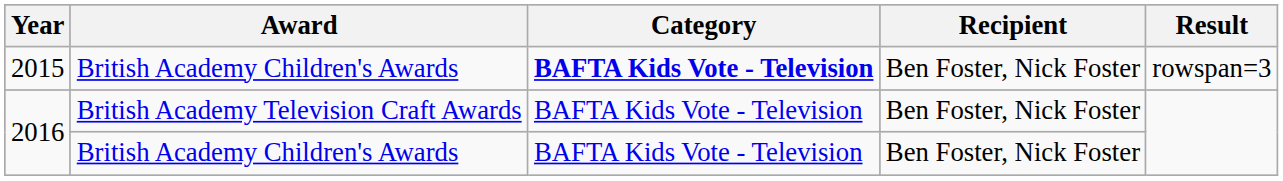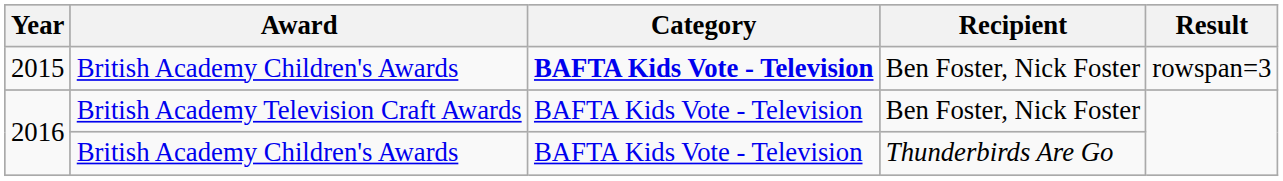 <table class="wikitable">
 <tr>
 <th>Year</th>
 <th>Award</th>
 <th>Category</th>
 <th>Recipient</th>
 <th>Result</th>
 </tr>
 <tr>
 <td>2015</td>
 <td><a href='#'>British Academy Children's Awards</a></td>
 <td><strong><a href='#'>BAFTA Kids Vote - Television</a></strong></td>
 <td>Ben Foster, Nick Foster</td>
 <td>rowspan=3 </td>
 </tr>
 <tr>
 <td rowspan=2>2016</td>
 <td><a href='#'>British Academy Television Craft Awards</a></td>
 <td><a href='#'>BAFTA Kids Vote - Television</a></td>
 <td>Ben Foster, Nick Foster</td>
 </tr>
 <tr>
 <td><a href='#'>British Academy Children's Awards</a></td>
 <td><a href='#'>BAFTA Kids Vote - Television</a></td>
-<td>Ben Foster, Nick Foster</td>
+<td><em>Thunderbirds Are Go</em></td>
 </tr>
 </table>
